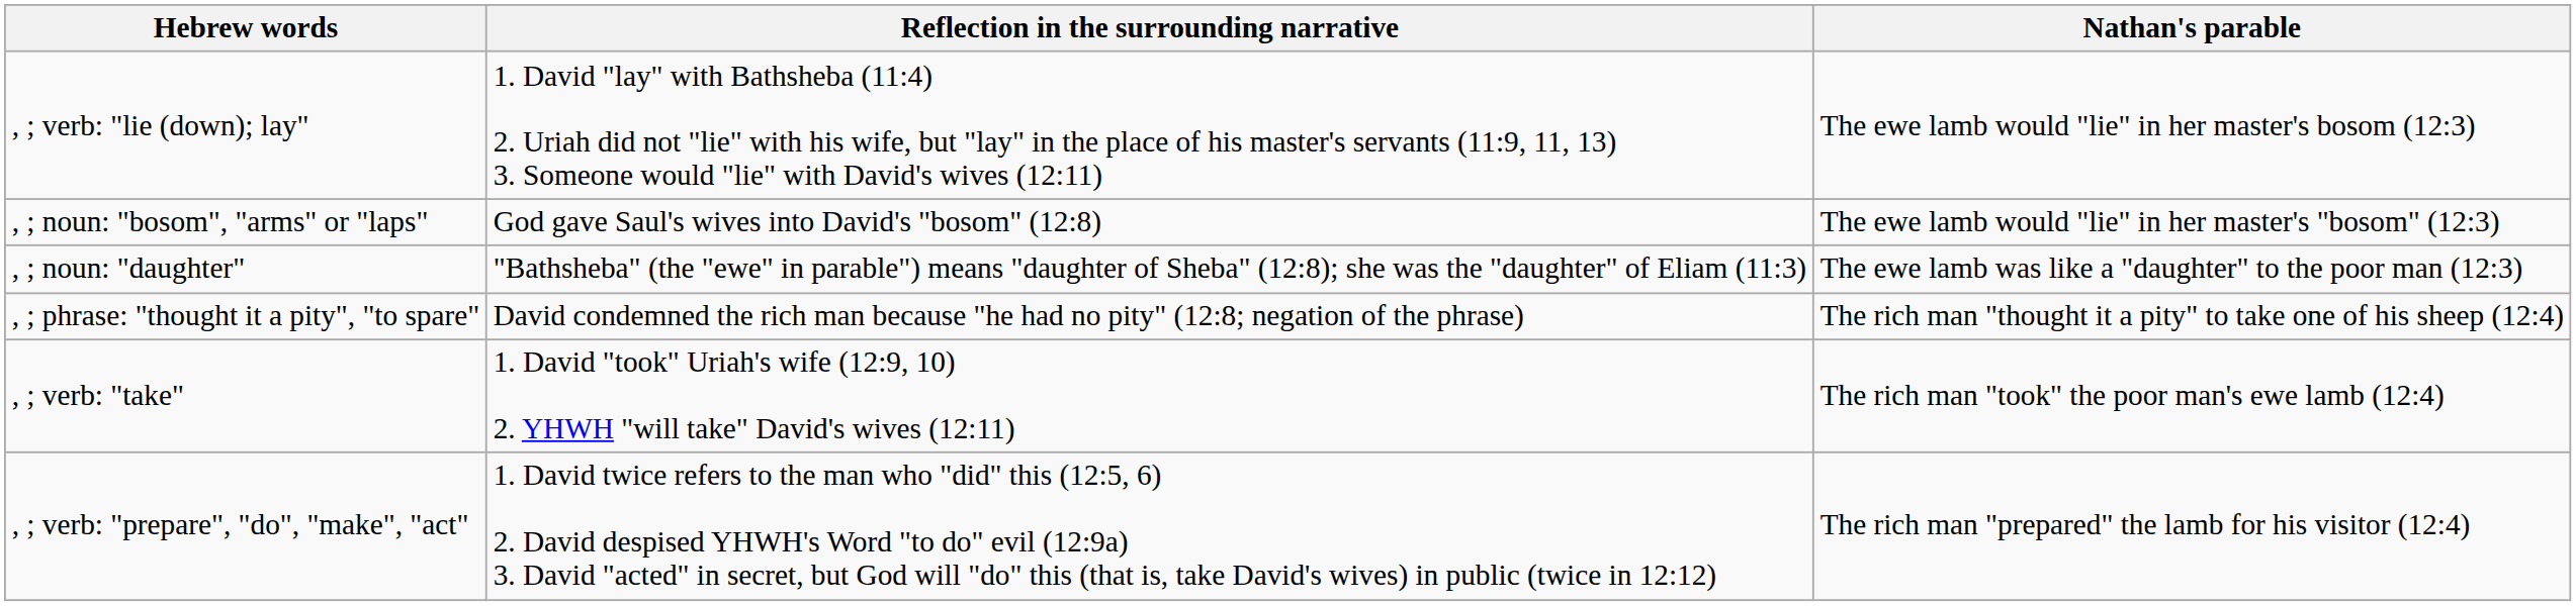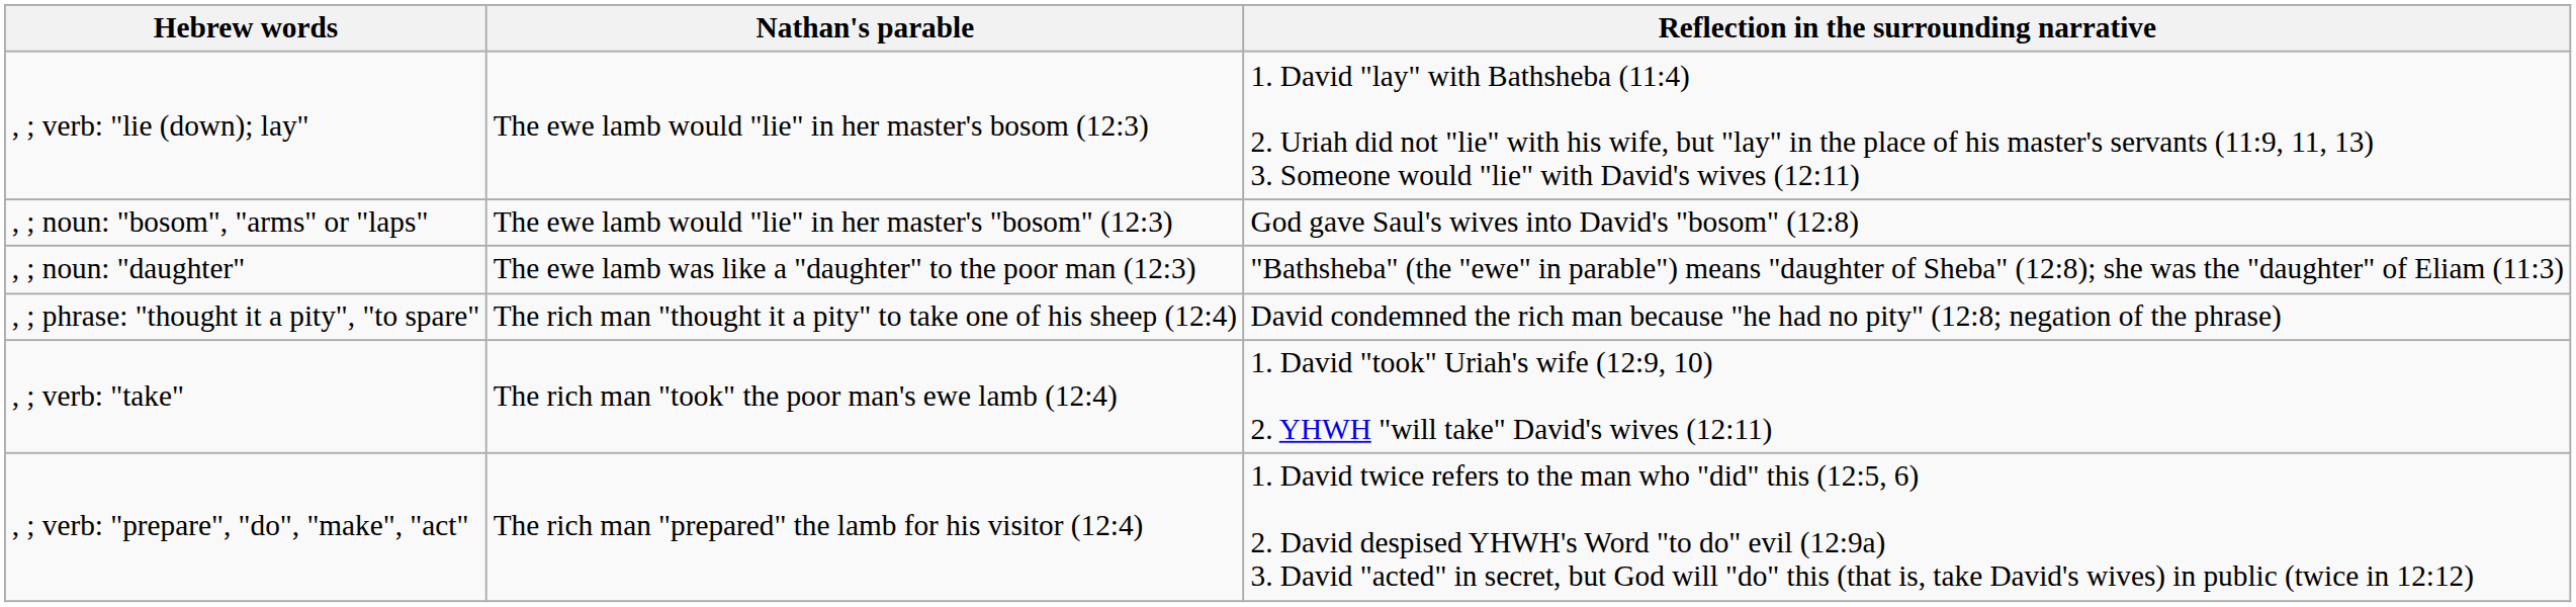 <table class=wikitable>
 <tr>
 <th>Hebrew words</th>
+<th>Nathan's parable</th>
 <th>Reflection in the surrounding narrative</th>
-<th>Nathan's parable</th>
 </tr>
 <tr>
 <td>, <em></em>; verb:  "lie (down); lay"</td>
+<td>The ewe lamb would "lie" in her master's bosom (12:3)</td>
 <td>1. David "lay" with Bathsheba (11:4)<br><br>2. Uriah did not "lie" with his wife, but "lay" in the place of his master's servants (11:9, 11, 13)<br> 3. Someone would "lie" with David's wives (12:11)</td>
-<td>The ewe lamb would "lie" in her master's bosom (12:3)</td>
 </tr>
 <tr>
 <td>, <em></em>; noun: "bosom", "arms" or "laps"</td>
+<td>The ewe lamb would "lie" in her master's "bosom" (12:3)</td>
 <td>God gave Saul's wives into David's "bosom" (12:8)</td>
-<td>The ewe lamb would "lie" in her master's "bosom" (12:3)</td>
 </tr>
 <tr>
 <td>, <em></em>; noun: "daughter"</td>
+<td>The ewe lamb was like a "daughter" to the poor man (12:3)</td>
 <td>"Bathsheba" (the "ewe" in parable") means "daughter of Sheba" (12:8); she was the "daughter" of Eliam (11:3)</td>
-<td>The ewe lamb was like a "daughter" to the poor man (12:3)</td>
 </tr>
 <tr>
 <td>, <em></em>; phrase: "thought it a pity", "to spare"</td>
+<td>The rich man "thought it a pity" to take one of his sheep (12:4)</td>
 <td>David condemned the rich man because "he had no pity" (12:8; negation of the phrase)</td>
-<td>The rich man "thought it a pity" to take one of his sheep (12:4)</td>
 </tr>
 <tr>
 <td>, <em></em>; verb: "take"</td>
+<td>The rich man "took" the poor man's ewe lamb (12:4)</td>
 <td>1. David "took" Uriah's wife (12:9, 10)<br><br>2. <a href='#'>YHWH</a> "will take" David's wives (12:11)</td>
-<td>The rich man "took" the poor man's ewe lamb (12:4)</td>
 </tr>
 <tr>
 <td>, <em></em>; verb: "prepare", "do", "make", "act"</td>
+<td>The rich man "prepared" the lamb for his visitor (12:4)</td>
 <td>1. David twice refers to the man who "did" this (12:5, 6)<br><br>2. David despised YHWH's Word "to do" evil (12:9a)<br> 3. David "acted" in secret, but God will "do" this (that is, take David's wives) in public (twice in 12:12)</td>
-<td>The rich man "prepared" the lamb for his visitor (12:4)</td>
 </tr>
 </table>
